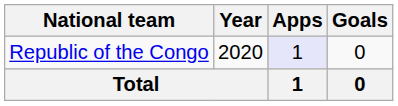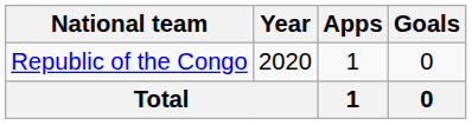 <table class="wikitable" style="text-align:center">
 <tr>
 <th>National team</th>
 <th>Year</th>
 <th>Apps</th>
 <th>Goals</th>
 </tr>
 <tr>
 <td rowspan="1"><a href='#'>Republic of the Congo</a></td>
 <td>2020</td>
-<td style="background: lavender;">1</td>
+<td>1</td>
 <td>0</td>
 </tr>
 <tr>
 <th colspan="2">Total</th>
 <th>1</th>
 <th>0</th>
 </tr>
 </table>
